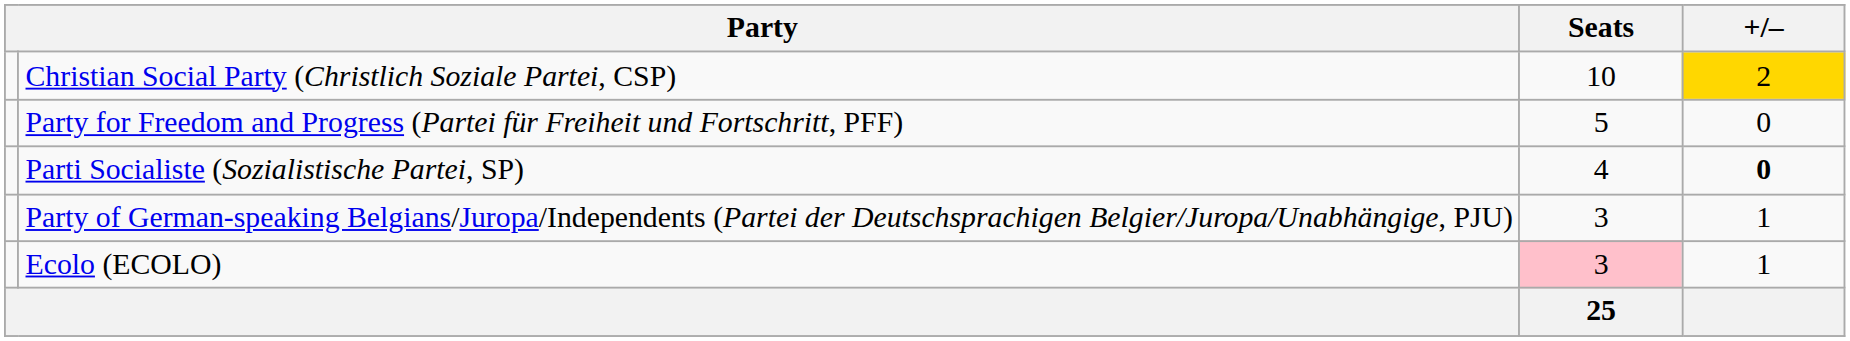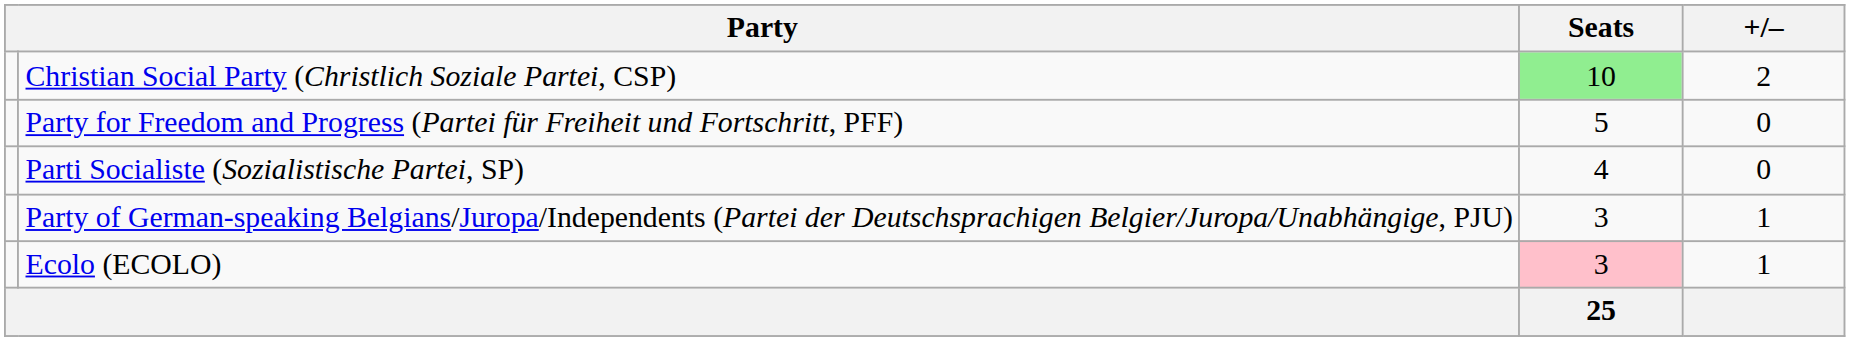 <table class=wikitable>
 <tr>
 <th style="width: 20em" colspan= 2>Party</th>
 <th style="width: 5em">Seats</th>
 <th style="width: 5em">+/–</th>
 </tr>
 <tr>
 <td></td>
 <td><a href='#'>Christian Social Party</a> (<em>Christlich Soziale Partei</em>, CSP)</td>
-<td align="center">10</td>
-<td align="center" style="background: gold;"> 2</td>
+<td align="center" style="background: lightgreen;">10</td>
+<td align="center"> 2</td>
 </tr>
 <tr>
 <td></td>
 <td><a href='#'>Party for Freedom and Progress</a> (<em>Partei für Freiheit und Fortschritt</em>, PFF)</td>
 <td align="center">5</td>
 <td align="center"> 0</td>
 </tr>
 <tr>
 <td></td>
 <td><a href='#'>Parti Socialiste</a> (<em>Sozialistische Partei</em>, SP)</td>
 <td align="center">4</td>
-<td align="center"><strong> 0</strong></td>
+<td align="center"> 0</td>
 </tr>
 <tr>
 <td></td>
 <td><a href='#'>Party of German-speaking Belgians</a>/<a href='#'>Juropa</a>/Independents (<em>Partei der Deutschsprachigen Belgier/Juropa/Unabhängige</em>, PJU)</td>
 <td align="center">3</td>
 <td align="center"> 1</td>
 </tr>
 <tr>
 <td></td>
 <td><a href='#'>Ecolo</a> (ECOLO)</td>
 <td align="center" style="background: pink;">3</td>
 <td align="center"> 1</td>
 </tr>
 <tr>
 <th colspan="2"></th>
 <th align="center">25</th>
 <th align="center"></th>
 </tr>
 </table>
